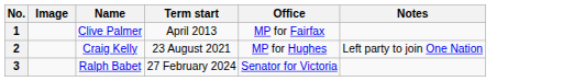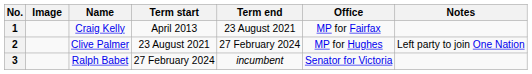 <table class="wikitable" style="text-align:center">
 <tr>
 <th>No.</th>
 <th width=60>Image</th>
 <th>Name</th>
 <th>Term start</th>
+<th>Term end</th>
 <th>Office</th>
 <th>Notes</th>
 </tr>
 <tr>
 <th style="background:">1</th>
 <td></td>
-<td><a href='#'>Clive Palmer</a> <br> </td>
+<td><a href='#'>Craig Kelly</a> <br> </td>
 <td>April 2013</td>
+<td>23 August 2021</td>
 <td><a href='#'>MP</a> for <a href='#'>Fairfax</a><br> </td>
 <td></td>
 </tr>
 <tr>
 <th style="background:">2</th>
 <td></td>
-<td><a href='#'>Craig Kelly</a> <br> </td>
+<td><a href='#'>Clive Palmer</a> <br> </td>
 <td>23 August 2021</td>
+<td>27 February 2024</td>
 <td><a href='#'>MP</a> for <a href='#'>Hughes</a><br> </td>
 <td>Left party to join <a href='#'>One Nation</a></td>
 </tr>
 <tr>
 <th style="background:">3</th>
 <td></td>
 <td><a href='#'>Ralph Babet</a> <br> </td>
 <td>27 February 2024</td>
+<td><em>incumbent</em></td>
 <td><a href='#'>Senator for Victoria</a> <br> </td>
 <td></td>
 </tr>
 </table>
